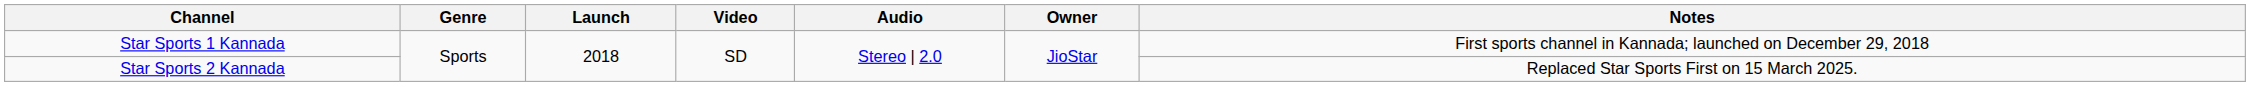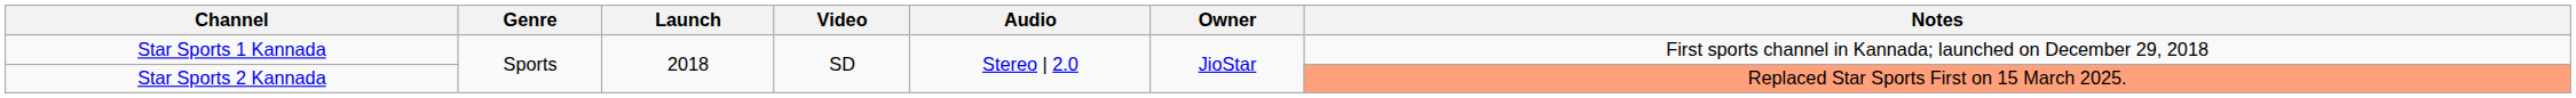 <table class="wikitable sortable" style="border-collapse:collapse; font-size: 90%; text-align:center" width="100%">
 <tr>
 <th>Channel</th>
 <th>Genre</th>
 <th>Launch</th>
 <th>Video</th>
 <th>Audio</th>
 <th>Owner</th>
 <th>Notes</th>
 </tr>
 <tr>
 <td><a href='#'>Star Sports 1 Kannada</a></td>
 <td rowspan="2">Sports</td>
 <td rowspan="2">2018</td>
 <td rowspan="2">SD</td>
 <td rowspan="2"><a href='#'>Stereo</a> | <a href='#'>2.0</a></td>
 <td rowspan="2"><a href='#'>JioStar</a></td>
 <td>First sports channel in Kannada; launched on December 29, 2018</td>
 </tr>
 <tr>
 <td><a href='#'>Star Sports 2 Kannada</a></td>
-<td>Replaced Star Sports First on 15 March 2025.</td>
+<td style="background: lightsalmon;">Replaced Star Sports First on 15 March 2025.</td>
 </tr>
 </table>
